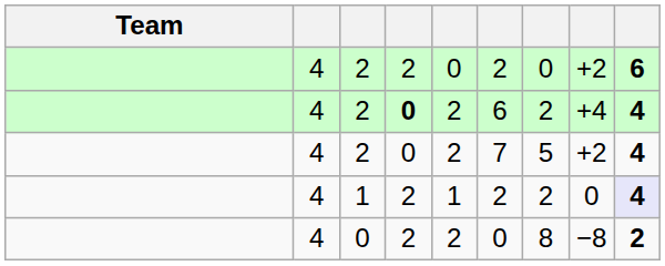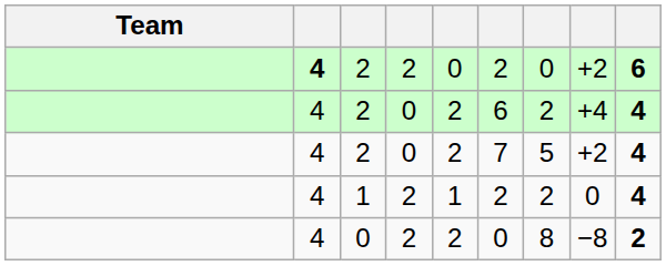 <table class="wikitable" style="text-align:center">
 <tr>
 <th width=165>Team</th>
 <th width=20></th>
 <th width=20></th>
 <th width=20></th>
 <th width=20></th>
 <th width=20></th>
 <th width=20></th>
 <th width=20></th>
 <th width=20></th>
 </tr>
 <tr bgcolor=ccffcc>
 <td align=left></td>
-<td>4</td>
+<td><strong>4</strong></td>
 <td>2</td>
 <td>2</td>
 <td>0</td>
 <td>2</td>
 <td>0</td>
 <td>+2</td>
 <td><strong>6</strong></td>
 </tr>
 <tr bgcolor=ccffcc>
 <td align=left></td>
 <td>4</td>
 <td>2</td>
-<td><strong>0</strong></td>
+<td>0</td>
 <td>2</td>
 <td>6</td>
 <td>2</td>
 <td>+4</td>
 <td><strong>4</strong></td>
 </tr>
 <tr>
 <td align=left></td>
 <td>4</td>
 <td>2</td>
 <td>0</td>
 <td>2</td>
 <td>7</td>
 <td>5</td>
 <td>+2</td>
 <td><strong>4</strong></td>
 </tr>
 <tr>
 <td align=left></td>
 <td>4</td>
 <td>1</td>
 <td>2</td>
 <td>1</td>
 <td>2</td>
 <td>2</td>
 <td>0</td>
-<td style="background: lavender;"><strong>4</strong></td>
+<td><strong>4</strong></td>
 </tr>
 <tr>
 <td align=left></td>
 <td>4</td>
 <td>0</td>
 <td>2</td>
 <td>2</td>
 <td>0</td>
 <td>8</td>
 <td>−8</td>
 <td><strong>2</strong></td>
 </tr>
 </table>
